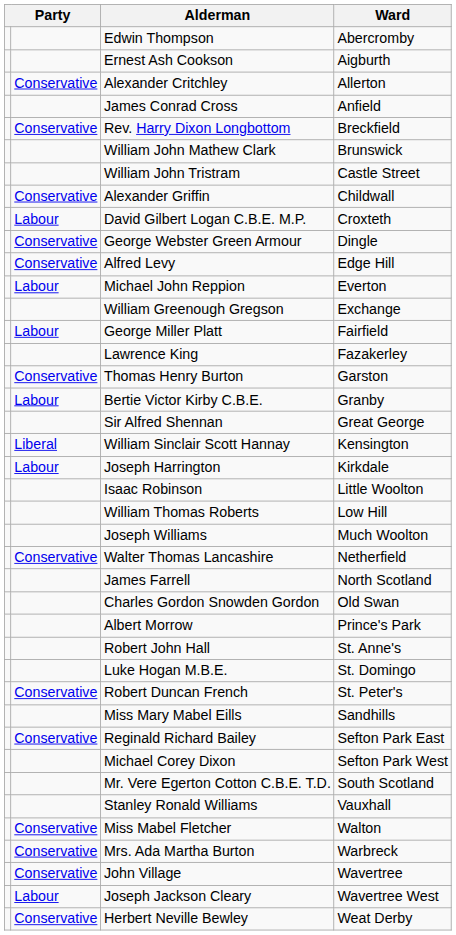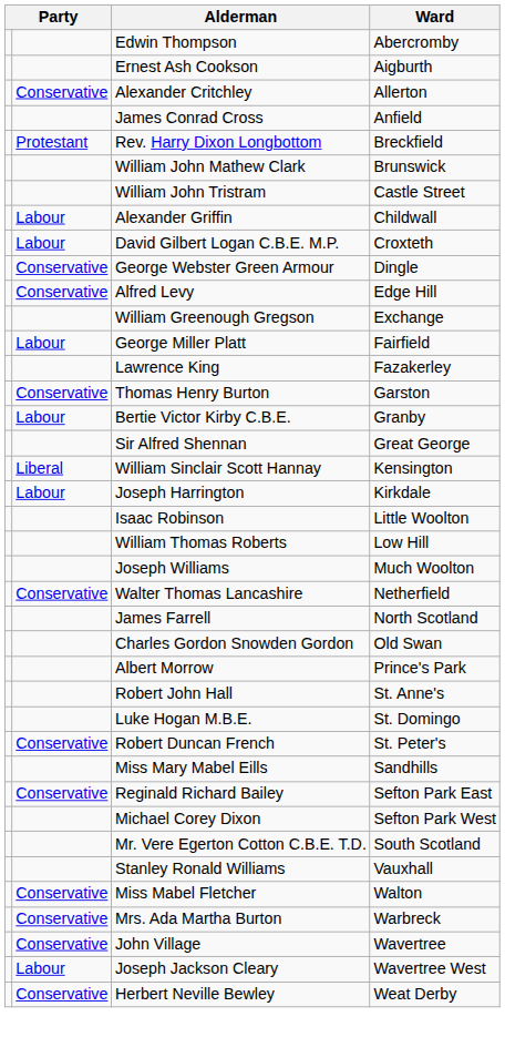 <table class="wikitable">
 <tr>
 <th colspan="2">Party</th>
 <th>Alderman</th>
 <th>Ward</th>
 </tr>
 <tr>
 <td style="background-color: "></td>
 <td></td>
 <td>Edwin Thompson</td>
 <td>Abercromby</td>
 </tr>
 <tr>
 <td style="background-color: "></td>
 <td></td>
 <td>Ernest Ash Cookson</td>
 <td>Aigburth</td>
 </tr>
 <tr>
 <td style="background-color:"></td>
 <td><a href='#'>Conservative</a></td>
 <td>Alexander Critchley</td>
 <td>Allerton</td>
 </tr>
 <tr>
 <td style="background-color: "></td>
 <td></td>
 <td>James Conrad Cross</td>
 <td>Anfield</td>
 </tr>
 <tr>
 <td style="background-color: "></td>
-<td><a href='#'>Conservative</a></td>
+<td><a href='#'>Protestant</a></td>
 <td>Rev. <a href='#'>Harry Dixon Longbottom</a></td>
 <td>Breckfield</td>
 </tr>
 <tr>
 <td style="background-color: "></td>
 <td></td>
 <td>William John Mathew Clark</td>
 <td>Brunswick</td>
 </tr>
 <tr>
 <td style="background-color: "></td>
 <td></td>
 <td>William John Tristram</td>
 <td>Castle Street</td>
 </tr>
 <tr>
 <td style="background-color:"></td>
-<td><a href='#'>Conservative</a></td>
+<td><a href='#'>Labour</a></td>
 <td>Alexander Griffin</td>
 <td>Childwall</td>
 </tr>
 <tr>
 <td style="background-color:"></td>
 <td><a href='#'>Labour</a></td>
 <td>David Gilbert Logan C.B.E. M.P.</td>
 <td>Croxteth</td>
 </tr>
 <tr>
 <td style="background-color:"></td>
 <td><a href='#'>Conservative</a></td>
 <td>George Webster Green Armour</td>
 <td>Dingle</td>
 </tr>
 <tr>
 <td style="background-color:"></td>
 <td><a href='#'>Conservative</a></td>
 <td>Alfred Levy</td>
 <td>Edge Hill</td>
-</tr>
-<tr>
-<td style="background-color:"></td>
-<td><a href='#'>Labour</a></td>
-<td>Michael John Reppion</td>
-<td>Everton</td>
 </tr>
 <tr>
 <td style="background-color: "></td>
 <td></td>
 <td>William Greenough Gregson</td>
 <td>Exchange</td>
 </tr>
 <tr>
 <td style="background-color:"></td>
 <td><a href='#'>Labour</a></td>
 <td>George Miller Platt</td>
 <td>Fairfield</td>
 </tr>
 <tr>
 <td style="background-color: "></td>
 <td></td>
 <td>Lawrence King</td>
 <td>Fazakerley</td>
 </tr>
 <tr>
 <td style="background-color:"></td>
 <td><a href='#'>Conservative</a></td>
 <td>Thomas Henry Burton</td>
 <td>Garston</td>
 </tr>
 <tr>
 <td style="background-color:"></td>
 <td><a href='#'>Labour</a></td>
 <td>Bertie Victor Kirby C.B.E.</td>
 <td>Granby</td>
 </tr>
 <tr>
 <td style="background-color: "></td>
 <td></td>
 <td>Sir Alfred Shennan</td>
 <td>Great George</td>
 </tr>
 <tr>
 <td style="background-color:"></td>
 <td><a href='#'>Liberal</a></td>
 <td>William Sinclair Scott Hannay</td>
 <td>Kensington</td>
 </tr>
 <tr>
 <td style="background-color:"></td>
 <td><a href='#'>Labour</a></td>
 <td>Joseph Harrington</td>
 <td>Kirkdale</td>
 </tr>
 <tr>
 <td style="background-color: "></td>
 <td></td>
 <td>Isaac Robinson</td>
 <td>Little Woolton</td>
 </tr>
 <tr>
 <td style="background-color: "></td>
 <td></td>
 <td>William Thomas Roberts</td>
 <td>Low Hill</td>
 </tr>
 <tr>
 <td style="background-color: "></td>
 <td></td>
 <td>Joseph Williams</td>
 <td>Much Woolton</td>
 </tr>
 <tr>
 <td style="background-color:"></td>
 <td><a href='#'>Conservative</a></td>
 <td>Walter Thomas Lancashire</td>
 <td>Netherfield</td>
 </tr>
 <tr>
 <td style="background-color: "></td>
 <td></td>
 <td>James Farrell</td>
 <td>North Scotland</td>
 </tr>
 <tr>
 <td style="background-color: "></td>
 <td></td>
 <td>Charles Gordon Snowden Gordon</td>
 <td>Old Swan</td>
 </tr>
 <tr>
 <td style="background-color: "></td>
 <td></td>
 <td>Albert Morrow</td>
 <td>Prince's Park</td>
 </tr>
 <tr>
 <td style="background-color: "></td>
 <td></td>
 <td>Robert John Hall</td>
 <td>St. Anne's</td>
 </tr>
 <tr>
 <td style="background-color: "></td>
 <td></td>
 <td>Luke Hogan M.B.E.</td>
 <td>St. Domingo</td>
 </tr>
 <tr>
 <td style="background-color:"></td>
 <td><a href='#'>Conservative</a></td>
 <td>Robert Duncan French</td>
 <td>St. Peter's</td>
 </tr>
 <tr>
 <td style="background-color: "></td>
 <td></td>
 <td>Miss Mary Mabel Eills</td>
 <td>Sandhills</td>
 </tr>
 <tr>
 <td style="background-color:"></td>
 <td><a href='#'>Conservative</a></td>
 <td>Reginald Richard Bailey</td>
 <td>Sefton Park East</td>
 </tr>
 <tr>
 <td style="background-color: "></td>
 <td></td>
 <td>Michael Corey Dixon</td>
 <td>Sefton Park West</td>
 </tr>
 <tr>
 <td style="background-color: "></td>
 <td></td>
 <td>Mr. Vere Egerton Cotton C.B.E. T.D.</td>
 <td>South Scotland</td>
 </tr>
 <tr>
 <td style="background-color: "></td>
 <td></td>
 <td>Stanley Ronald Williams</td>
 <td>Vauxhall</td>
 </tr>
 <tr>
 <td style="background-color:"></td>
 <td><a href='#'>Conservative</a></td>
 <td>Miss Mabel Fletcher</td>
 <td>Walton</td>
 </tr>
 <tr>
 <td style="background-color:"></td>
 <td><a href='#'>Conservative</a></td>
 <td>Mrs. Ada Martha Burton</td>
 <td>Warbreck</td>
 </tr>
 <tr>
 <td style="background-color:"></td>
 <td><a href='#'>Conservative</a></td>
 <td>John Village</td>
 <td>Wavertree</td>
 </tr>
 <tr>
 <td style="background-color:"></td>
 <td><a href='#'>Labour</a></td>
 <td>Joseph Jackson Cleary</td>
 <td>Wavertree West</td>
 </tr>
 <tr>
 <td style="background-color:"></td>
 <td><a href='#'>Conservative</a></td>
 <td>Herbert Neville Bewley</td>
 <td>Weat Derby</td>
 </tr>
 </table>
